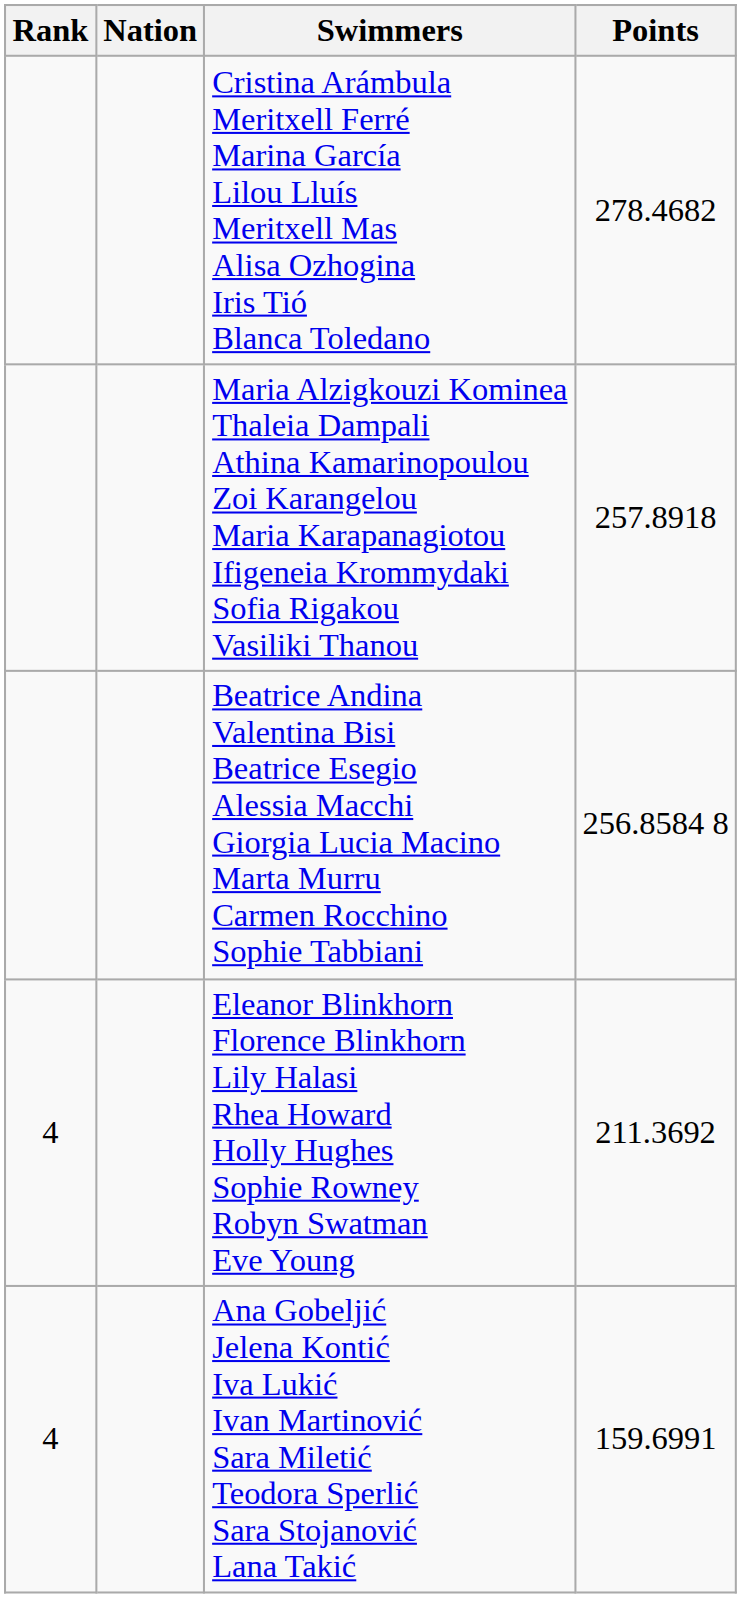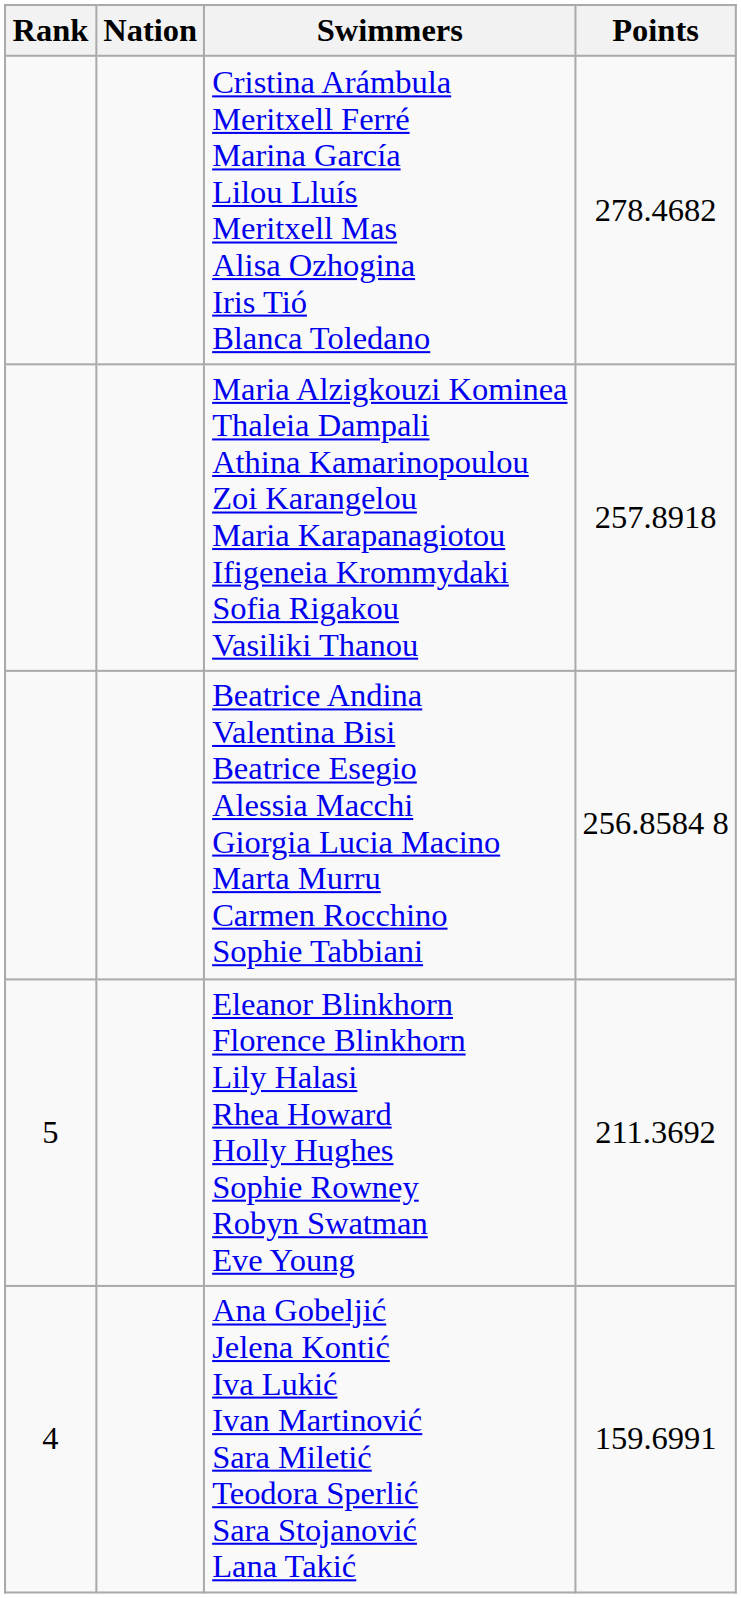 <table class="wikitable sortable" style="text-align:center">
 <tr>
 <th>Rank</th>
 <th>Nation</th>
 <th class=unsortable>Swimmers</th>
 <th>Points</th>
 </tr>
 <tr>
 <td></td>
 <td align=left></td>
 <td align=left><a href='#'>Cristina Arámbula</a><br><a href='#'>Meritxell Ferré</a><br><a href='#'>Marina García</a><br><a href='#'>Lilou Lluís</a><br><a href='#'>Meritxell Mas</a><br><a href='#'>Alisa Ozhogina</a><br><a href='#'>Iris Tió</a><br><a href='#'>Blanca Toledano</a></td>
 <td>278.4682</td>
 </tr>
 <tr>
 <td></td>
 <td align=left></td>
 <td align=left><a href='#'>Maria Alzigkouzi Kominea</a><br><a href='#'>Thaleia Dampali</a><br><a href='#'>Athina Kamarinopoulou</a><br><a href='#'>Zoi Karangelou</a><br><a href='#'>Maria Karapanagiotou</a><br><a href='#'>Ifigeneia Krommydaki</a><br><a href='#'>Sofia Rigakou</a><br><a href='#'>Vasiliki Thanou</a></td>
 <td>257.8918</td>
 </tr>
 <tr>
 <td></td>
 <td align=left></td>
 <td align=left><a href='#'>Beatrice Andina</a><br><a href='#'>Valentina Bisi</a><br><a href='#'>Beatrice Esegio</a><br><a href='#'>Alessia Macchi</a><br><a href='#'>Giorgia Lucia Macino</a><br><a href='#'>Marta Murru</a><br><a href='#'>Carmen Rocchino</a><br><a href='#'>Sophie Tabbiani</a></td>
 <td>256.8584 8</td>
 </tr>
 <tr>
-<td>4</td>
+<td>5</td>
 <td align=left></td>
 <td align=left><a href='#'>Eleanor Blinkhorn</a><br><a href='#'>Florence Blinkhorn</a><br><a href='#'>Lily Halasi</a><br><a href='#'>Rhea Howard</a><br><a href='#'>Holly Hughes</a><br><a href='#'>Sophie Rowney</a><br><a href='#'>Robyn Swatman</a><br><a href='#'>Eve Young</a></td>
 <td>211.3692</td>
 </tr>
 <tr>
 <td>4</td>
 <td align=left></td>
 <td align=left><a href='#'>Ana Gobeljić</a><br><a href='#'>Jelena Kontić</a><br><a href='#'>Iva Lukić</a><br><a href='#'>Ivan Martinović</a><br><a href='#'>Sara Miletić</a><br><a href='#'>Teodora Sperlić</a><br><a href='#'>Sara Stojanović</a><br><a href='#'>Lana Takić</a></td>
 <td>159.6991</td>
 </tr>
 </table>
